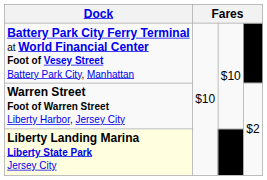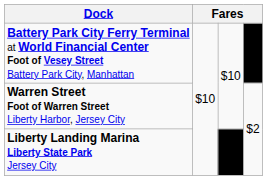 <table class="wikitable">
 <tr>
 <th><a href='#'>Dock</a></th>
 <th colspan="3">Fares</th>
 </tr>
 <tr>
 <td><strong><a href='#'>Battery Park City Ferry Terminal</a></strong><br><small>at </small><strong><a href='#'>World Financial Center</a></strong><br><small><strong>Foot of <a href='#'>Vesey Street</a></strong><br><a href='#'>Battery Park City</a>, <a href='#'>Manhattan</a></small></td>
 <td rowspan="3">$10</td>
 <td rowspan="2">$10</td>
 <td style="background:#000;"></td>
 </tr>
 <tr>
 <td valign="top"><strong>Warren Street</strong><br><small><strong>Foot of Warren Street</strong><br><a href='#'>Liberty Harbor</a>, <a href='#'>Jersey City</a></small></td>
 <td rowspan="2">$2</td>
 </tr>
 <tr>
-<td valign="top" style="background: lightyellow;"><strong>Liberty Landing Marina<br><small><a href='#'>Liberty State Park</a></small></strong><small><br><a href='#'>Jersey City</a></small></td>
+<td valign="top"><strong>Liberty Landing Marina<br><small><a href='#'>Liberty State Park</a></small></strong><small><br><a href='#'>Jersey City</a></small></td>
 <td style="background:#000;"></td>
 </tr>
 </table>
